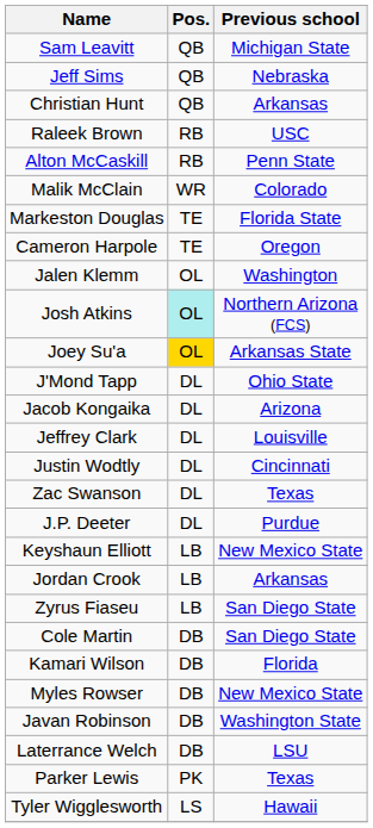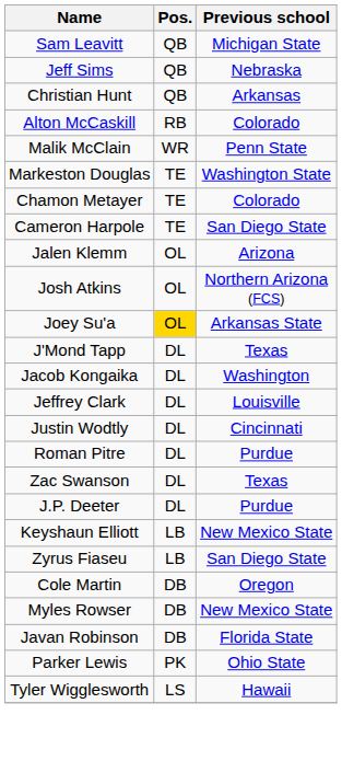 <table class="wikitable sortable sortable" style="text-align: center">
 <tr style="text-align:center">
 <th style="text-align:center; ">Name</th>
 <th style="text-align:center; ">Pos.</th>
 <th style="text-align:center; ">Previous school</th>
 </tr>
 <tr>
 <td><a href='#'>Sam Leavitt</a></td>
 <td>QB</td>
 <td><a href='#'>Michigan State</a></td>
 </tr>
 <tr>
 <td><a href='#'>Jeff Sims</a></td>
 <td>QB</td>
 <td><a href='#'>Nebraska</a></td>
 </tr>
 <tr>
 <td>Christian Hunt</td>
 <td>QB</td>
 <td><a href='#'>Arkansas</a></td>
 </tr>
 <tr>
-<td>Raleek Brown</td>
-<td>RB</td>
-<td><a href='#'>USC</a></td>
-</tr>
-<tr>
 <td><a href='#'>Alton McCaskill</a></td>
 <td>RB</td>
-<td><a href='#'>Penn State</a></td>
+<td><a href='#'>Colorado</a></td>
 </tr>
 <tr>
 <td>Malik McClain</td>
 <td>WR</td>
-<td><a href='#'>Colorado</a></td>
+<td><a href='#'>Penn State</a></td>
 </tr>
 <tr>
 <td>Markeston Douglas</td>
 <td>TE</td>
-<td><a href='#'>Florida State</a></td>
+<td><a href='#'>Washington State</a></td>
+</tr>
+<tr>
+<td>Chamon Metayer</td>
+<td>TE</td>
+<td><a href='#'>Colorado</a></td>
 </tr>
 <tr>
 <td>Cameron Harpole</td>
 <td>TE</td>
-<td><a href='#'>Oregon</a></td>
+<td><a href='#'>San Diego State</a></td>
 </tr>
 <tr>
 <td>Jalen Klemm</td>
 <td>OL</td>
-<td><a href='#'>Washington</a></td>
+<td><a href='#'>Arizona</a></td>
 </tr>
 <tr>
 <td>Josh Atkins</td>
-<td style="background: paleturquoise;">OL</td>
+<td>OL</td>
 <td><a href='#'>Northern Arizona</a><br><small>(<a href='#'>FCS</a>)</small></td>
 </tr>
 <tr>
 <td>Joey Su'a</td>
 <td style="background: gold;">OL</td>
 <td><a href='#'>Arkansas State</a></td>
 </tr>
 <tr>
 <td>J'Mond Tapp</td>
 <td>DL</td>
-<td><a href='#'>Ohio State</a></td>
+<td><a href='#'>Texas</a></td>
 </tr>
 <tr>
 <td>Jacob Kongaika</td>
 <td>DL</td>
-<td><a href='#'>Arizona</a></td>
+<td><a href='#'>Washington</a></td>
 </tr>
 <tr>
 <td>Jeffrey Clark</td>
 <td>DL</td>
 <td><a href='#'>Louisville</a></td>
 </tr>
 <tr>
 <td>Justin Wodtly</td>
 <td>DL</td>
 <td><a href='#'>Cincinnati</a></td>
+</tr>
+<tr>
+<td>Roman Pitre</td>
+<td>DL</td>
+<td><a href='#'>Purdue</a></td>
 </tr>
 <tr>
 <td>Zac Swanson</td>
 <td>DL</td>
 <td><a href='#'>Texas</a></td>
 </tr>
 <tr>
 <td>J.P. Deeter</td>
 <td>DL</td>
 <td><a href='#'>Purdue</a></td>
 </tr>
 <tr>
 <td>Keyshaun Elliott</td>
 <td>LB</td>
 <td><a href='#'>New Mexico State</a></td>
 </tr>
 <tr>
-<td>Jordan Crook</td>
-<td>LB</td>
-<td><a href='#'>Arkansas</a></td>
-</tr>
-<tr>
 <td>Zyrus Fiaseu</td>
 <td>LB</td>
 <td><a href='#'>San Diego State</a></td>
 </tr>
 <tr>
 <td>Cole Martin</td>
 <td>DB</td>
-<td><a href='#'>San Diego State</a></td>
-</tr>
-<tr>
-<td>Kamari Wilson</td>
-<td>DB</td>
-<td><a href='#'>Florida</a></td>
+<td><a href='#'>Oregon</a></td>
 </tr>
 <tr>
 <td>Myles Rowser</td>
 <td>DB</td>
 <td><a href='#'>New Mexico State</a></td>
 </tr>
 <tr>
 <td>Javan Robinson</td>
 <td>DB</td>
-<td><a href='#'>Washington State</a></td>
-</tr>
-<tr>
-<td>Laterrance Welch</td>
-<td>DB</td>
-<td><a href='#'>LSU</a></td>
+<td><a href='#'>Florida State</a></td>
 </tr>
 <tr>
 <td>Parker Lewis</td>
 <td>PK</td>
-<td><a href='#'>Texas</a></td>
+<td><a href='#'>Ohio State</a></td>
 </tr>
 <tr>
 <td>Tyler Wigglesworth</td>
 <td>LS</td>
 <td><a href='#'>Hawaii</a></td>
 </tr>
 <tr>
 </tr>
 </table>
